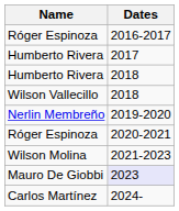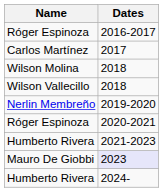 <table class="wikitable">
 <tr>
 <th>Name</th>
 <th>Dates</th>
 </tr>
 <tr>
 <td> Róger Espinoza</td>
 <td>2016-2017</td>
 </tr>
 <tr>
-<td> Humberto Rivera</td>
+<td> Carlos Martínez</td>
 <td>2017</td>
 </tr>
 <tr>
-<td> Humberto Rivera</td>
+<td> Wilson Molina</td>
 <td>2018</td>
 </tr>
 <tr>
 <td> Wilson Vallecillo</td>
 <td>2018</td>
 </tr>
 <tr>
 <td> <a href='#'>Nerlin Membreño</a></td>
 <td>2019-2020</td>
 </tr>
 <tr>
 <td> Róger Espinoza</td>
 <td>2020-2021</td>
 </tr>
 <tr>
-<td> Wilson Molina</td>
+<td> Humberto Rivera</td>
 <td>2021-2023</td>
 </tr>
 <tr>
 <td> Mauro De Giobbi</td>
 <td style="background: lavender;">2023</td>
 </tr>
 <tr>
-<td> Carlos Martínez</td>
+<td> Humberto Rivera</td>
 <td>2024-</td>
 </tr>
 </table>
